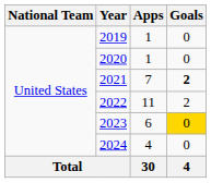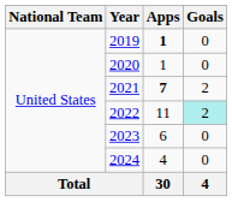 <table class="wikitable" style="text-align:center">
 <tr>
 <th>National Team</th>
 <th>Year</th>
 <th>Apps</th>
 <th>Goals</th>
 </tr>
 <tr>
 <td rowspan=6><a href='#'>United States</a></td>
 <td><a href='#'>2019</a></td>
-<td>1</td>
+<td><strong>1</strong></td>
 <td>0</td>
 </tr>
 <tr>
 <td><a href='#'>2020</a></td>
 <td>1</td>
 <td>0</td>
 </tr>
 <tr>
 <td><a href='#'>2021</a></td>
-<td>7</td>
-<td><strong>2</strong></td>
+<td><strong>7</strong></td>
+<td>2</td>
 </tr>
 <tr>
 <td><a href='#'>2022</a></td>
 <td>11</td>
-<td>2</td>
+<td style="background: paleturquoise;">2</td>
 </tr>
 <tr>
 <td><a href='#'>2023</a></td>
 <td>6</td>
-<td style="background: gold;">0</td>
+<td>0</td>
 </tr>
 <tr>
 <td><a href='#'>2024</a></td>
 <td>4</td>
 <td>0</td>
 </tr>
 <tr>
 <th colspan=2>Total</th>
 <th>30</th>
 <th>4</th>
 </tr>
 </table>
